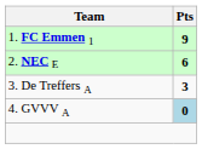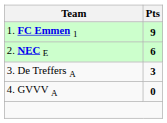 <table class="wikitable" style="text-align:center; float:left; margin-right:1em">
 <tr>
 <th style="width:200px">Team</th>
 <th width=20>Pts</th>
 </tr>
 <tr bgcolor=ccffcc>
 <td align=left>1. <strong><a href='#'>FC Emmen</a></strong> <sub>1</sub></td>
 <td><strong>9</strong></td>
 </tr>
 <tr bgcolor=ccffcc>
 <td align=left>2. <strong><a href='#'>NEC</a></strong> <sub>E</sub></td>
 <td><strong>6</strong></td>
 </tr>
 <tr>
 <td align=left>3. De Treffers <sub>A</sub></td>
 <td><strong>3</strong></td>
 </tr>
 <tr>
 <td align=left>4. GVVV <sub>A</sub></td>
-<td style="background: lightblue;"><strong>0</strong></td>
+<td><strong>0</strong></td>
 </tr>
 <tr>
 <td colspan=2> </td>
 </tr>
 </table>
